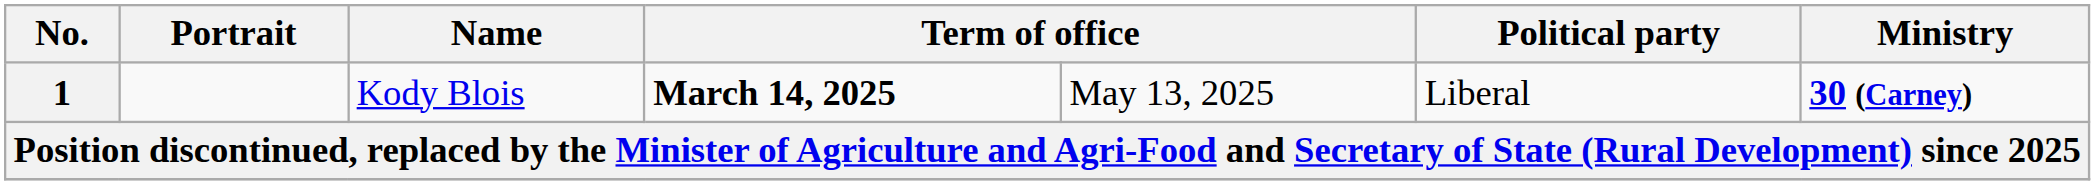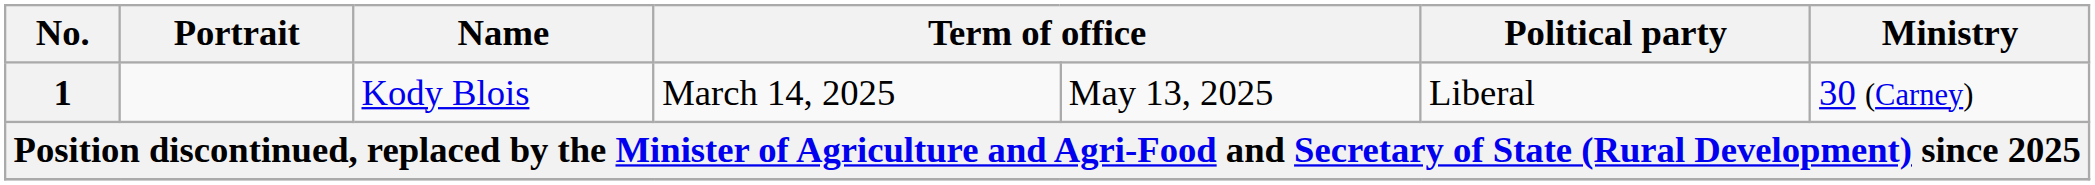 <table class="wikitable">
 <tr>
 <th>No.</th>
 <th>Portrait</th>
 <th>Name</th>
 <th colspan=2>Term of office</th>
 <th>Political party</th>
 <th>Ministry</th>
 </tr>
 <tr>
 <th style="background:">1</th>
 <td></td>
 <td><a href='#'>Kody Blois</a></td>
-<td><strong>March 14, 2025</strong></td>
+<td>March 14, 2025</td>
 <td>May 13, 2025</td>
 <td>Liberal</td>
-<td rowspan=1><strong><a href='#'>30</a> <small>(<a href='#'>Carney</a>)</small></strong></td>
+<td rowspan=1><a href='#'>30</a> <small>(<a href='#'>Carney</a>)</small></td>
 </tr>
 <tr>
 <th colspan=7>Position discontinued, replaced by the <a href='#'>Minister of Agriculture and Agri-Food</a> and <a href='#'>Secretary of State (Rural Development)</a> since 2025</th>
 </tr>
 <tr>
 </tr>
 </table>
